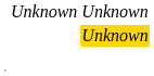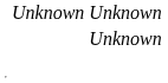 <table>
 <tr>
 <th scope=row style="text-align:left"></th>
 <td><br></td>
 <td><em>Unknown</em></td>
 <td><em>Unknown</em></td>
 </tr>
 <tr>
 <th scope=row style="text-align:left"></th>
 <td><br></td>
 <td><br></td>
-<td style="background: gold;"><em>Unknown</em></td>
+<td><em>Unknown</em></td>
 </tr>
 <tr>
 <th scope=row style="text-align:left"></th>
 <td></td>
 <td></td>
 <td></td>
 </tr>
 <tr>
 <th scope=row style="text-align:left"></th>
 <td></td>
 <td></td>
 <td></td>
 </tr>
 <tr style="background:#dfdfdf;">
 </tr>
 <tr>
 <th scope=row style="text-align:left"></th>
 <td><hr></td>
 <td></td>
 <td></td>
 </tr>
 <tr>
 <th scope=row style="text-align:left"></th>
 <td></td>
 <td></td>
 <td></td>
 </tr>
 </table>
